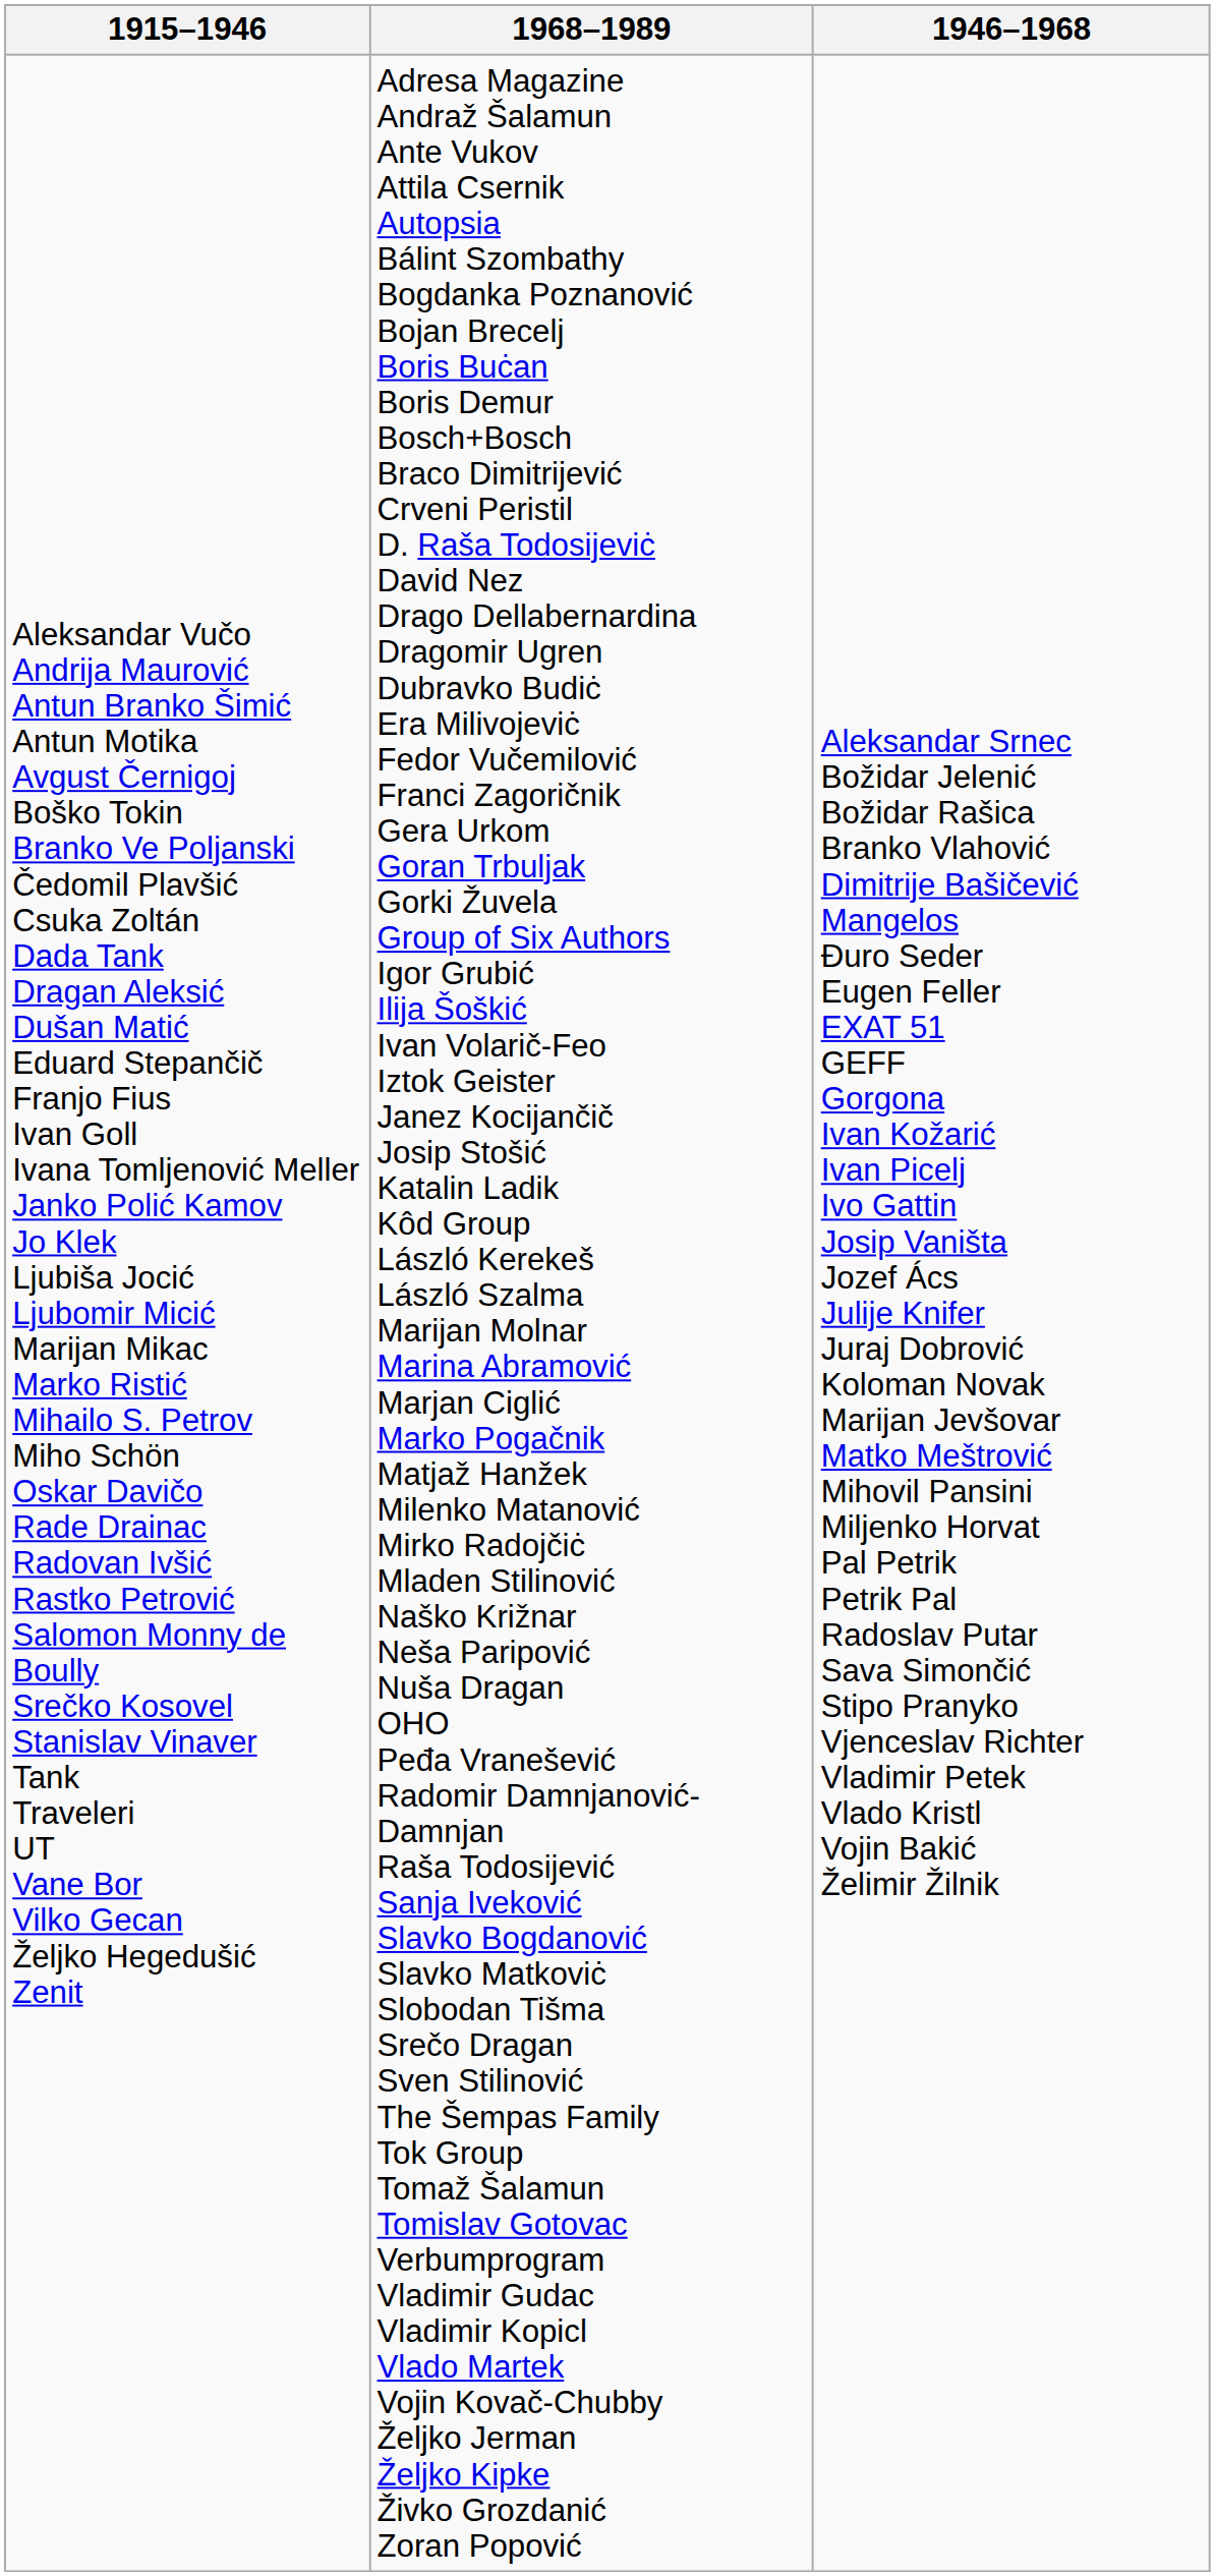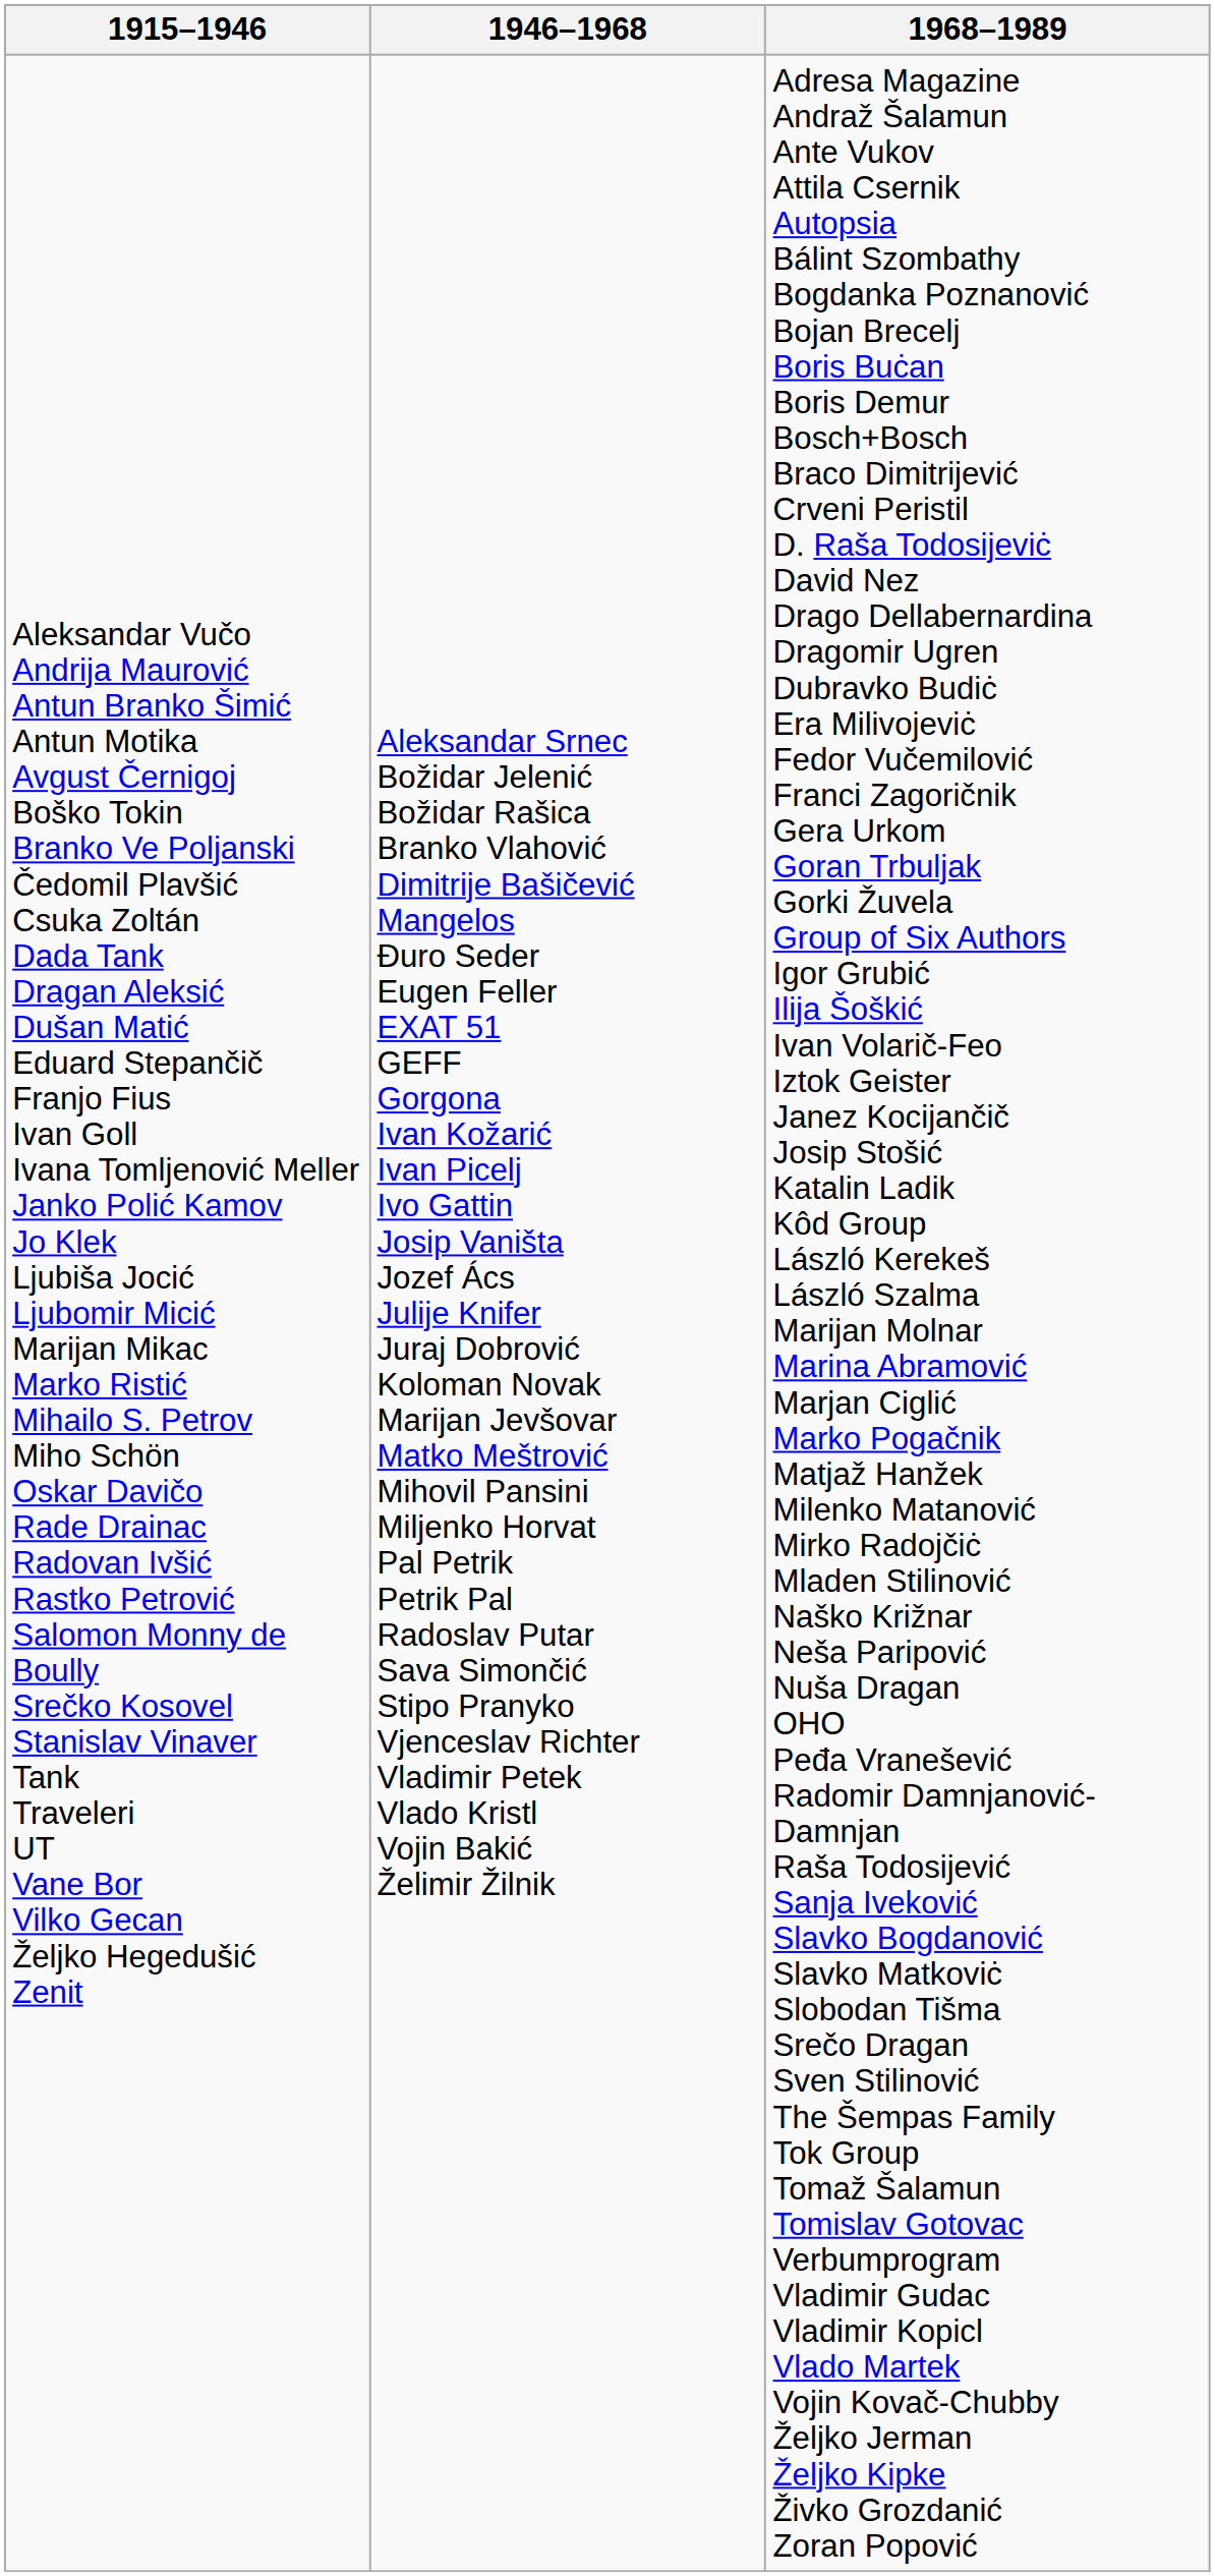 <table class="wikitable sortable">
 <tr>
 <th>1915–1946</th>
+<th>1946–1968</th>
 <th>1968–1989</th>
-<th>1946–1968</th>
 </tr>
 <tr>
 <td>Aleksandar Vučo<br><a href='#'>Andrija Maurović</a><br><a href='#'>Antun Branko Šimić</a><br>Antun Motika<br><a href='#'>Avgust Černigoj</a><br>Boško Tokin<br><a href='#'>Branko Ve Poljanski</a><br>Čedomil Plavšić<br>Csuka Zoltán<br><a href='#'>Dada Tank</a><br><a href='#'>Dragan Aleksić</a><br><a href='#'>Dušan Matić</a><br>Eduard Stepančič<br>Franjo Fius<br>Ivan Goll<br>Ivana Tomljenović Meller<br><a href='#'>Janko Polić Kamov</a><br><a href='#'>Jo Klek</a><br>Ljubiša Jocić<br><a href='#'>Ljubomir Micić</a><br>Marijan Mikac<br><a href='#'>Marko Ristić</a><br><a href='#'>Mihailo S. Petrov</a><br>Miho Schön<br><a href='#'>Oskar Davičo</a><br><a href='#'>Rade Drainac</a><br><a href='#'>Radovan Ivšić</a><br><a href='#'>Rastko Petrović</a><br><a href='#'>Salomon Monny de Boully</a><br><a href='#'>Srečko Kosovel</a><br><a href='#'>Stanislav Vinaver</a><br>Tank<br>Traveleri<br>UT<br><a href='#'>Vane Bor</a><br><a href='#'>Vilko Gecan</a><br>Željko Hegedušić<br><a href='#'>Zenit</a></td>
+<td><a href='#'>Aleksandar Srnec</a><br>Božidar Jelenić<br>Božidar Rašica<br>Branko Vlahović<br><a href='#'>Dimitrije Bašičević Mangelos</a><br>Đuro Seder<br>Eugen Feller<br><a href='#'>EXAT 51</a><br>GEFF<br><a href='#'>Gorgona</a><br><a href='#'>Ivan Kožarić</a><br><a href='#'>Ivan Picelj</a><br><a href='#'>Ivo Gattin</a><br><a href='#'>Josip Vaništa</a><br>Jozef Ács<br><a href='#'>Julije Knifer</a><br>Juraj Dobrović<br>Koloman Novak<br>Marijan Jevšovar<br><a href='#'>Matko Meštrović</a><br>Mihovil Pansini<br>Miljenko Horvat<br>Pal Petrik<br>Petrik Pal<br>Radoslav Putar<br>Sava Simončić<br>Stipo Pranyko<br>Vjenceslav Richter<br>Vladimir Petek<br>Vlado Kristl<br>Vojin Bakić<br>Želimir Žilnik</td>
 <td>Adresa Magazine<br>Andraž Šalamun<br>Ante Vukov<br>Attila Csernik<br><a href='#'>Autopsia</a><br>Bálint Szombathy<br>Bogdanka Poznanović<br>Bojan Brecelj<br><a href='#'>Boris Buċan</a><br>Boris Demur<br>Bosch+Bosch<br>Braco Dimitrijević<br>Crveni Peristil<br>D. <a href='#'>Raša Todosijeviċ</a><br>David Nez<br>Drago Dellabernardina<br>Dragomir Ugren<br>Dubravko Budiċ<br>Era Milivojeviċ<br>Fedor Vučemilović<br>Franci Zagoričnik<br>Gera Urkom<br><a href='#'>Goran Trbuljak</a><br>Gorki Žuvela<br><a href='#'>Group of Six Authors</a><br>Igor Grubić<br><a href='#'>Ilija Šoškić</a><br>Ivan Volarič-Feo<br>Iztok Geister<br>Janez Kocijančič<br>Josip Stošić<br>Katalin Ladik<br>Kôd Group<br>László Kerekeš<br>László Szalma<br>Marijan Molnar<br><a href='#'>Marina Abramović</a><br>Marjan Ciglić<br><a href='#'>Marko Pogačnik</a><br>Matjaž Hanžek<br>Milenko Matanović<br>Mirko Radojčiċ<br>Mladen Stilinović<br>Naško Križnar<br>Neša Paripović<br>Nuša Dragan<br>OHO<br>Peđa Vranešević<br>Radomir Damnjanović-Damnjan<br>Raša Todosijević<br><a href='#'>Sanja Iveković</a><br><a href='#'>Slavko Bogdanović</a><br>Slavko Matkoviċ<br>Slobodan Tišma<br>Srečo Dragan<br>Sven Stilinović<br>The Šempas Family<br>Tok Group<br>Tomaž Šalamun<br><a href='#'>Tomislav Gotovac</a><br>Verbumprogram<br>Vladimir Gudac<br>Vladimir Kopicl<br><a href='#'>Vlado Martek</a><br>Vojin Kovač-Chubby<br>Željko Jerman<br><a href='#'>Željko Kipke</a><br>Živko Grozdanić<br>Zoran Popović</td>
-<td><a href='#'>Aleksandar Srnec</a><br>Božidar Jelenić<br>Božidar Rašica<br>Branko Vlahović<br><a href='#'>Dimitrije Bašičević Mangelos</a><br>Đuro Seder<br>Eugen Feller<br><a href='#'>EXAT 51</a><br>GEFF<br><a href='#'>Gorgona</a><br><a href='#'>Ivan Kožarić</a><br><a href='#'>Ivan Picelj</a><br><a href='#'>Ivo Gattin</a><br><a href='#'>Josip Vaništa</a><br>Jozef Ács<br><a href='#'>Julije Knifer</a><br>Juraj Dobrović<br>Koloman Novak<br>Marijan Jevšovar<br><a href='#'>Matko Meštrović</a><br>Mihovil Pansini<br>Miljenko Horvat<br>Pal Petrik<br>Petrik Pal<br>Radoslav Putar<br>Sava Simončić<br>Stipo Pranyko<br>Vjenceslav Richter<br>Vladimir Petek<br>Vlado Kristl<br>Vojin Bakić<br>Želimir Žilnik</td>
 </tr>
 </table>
